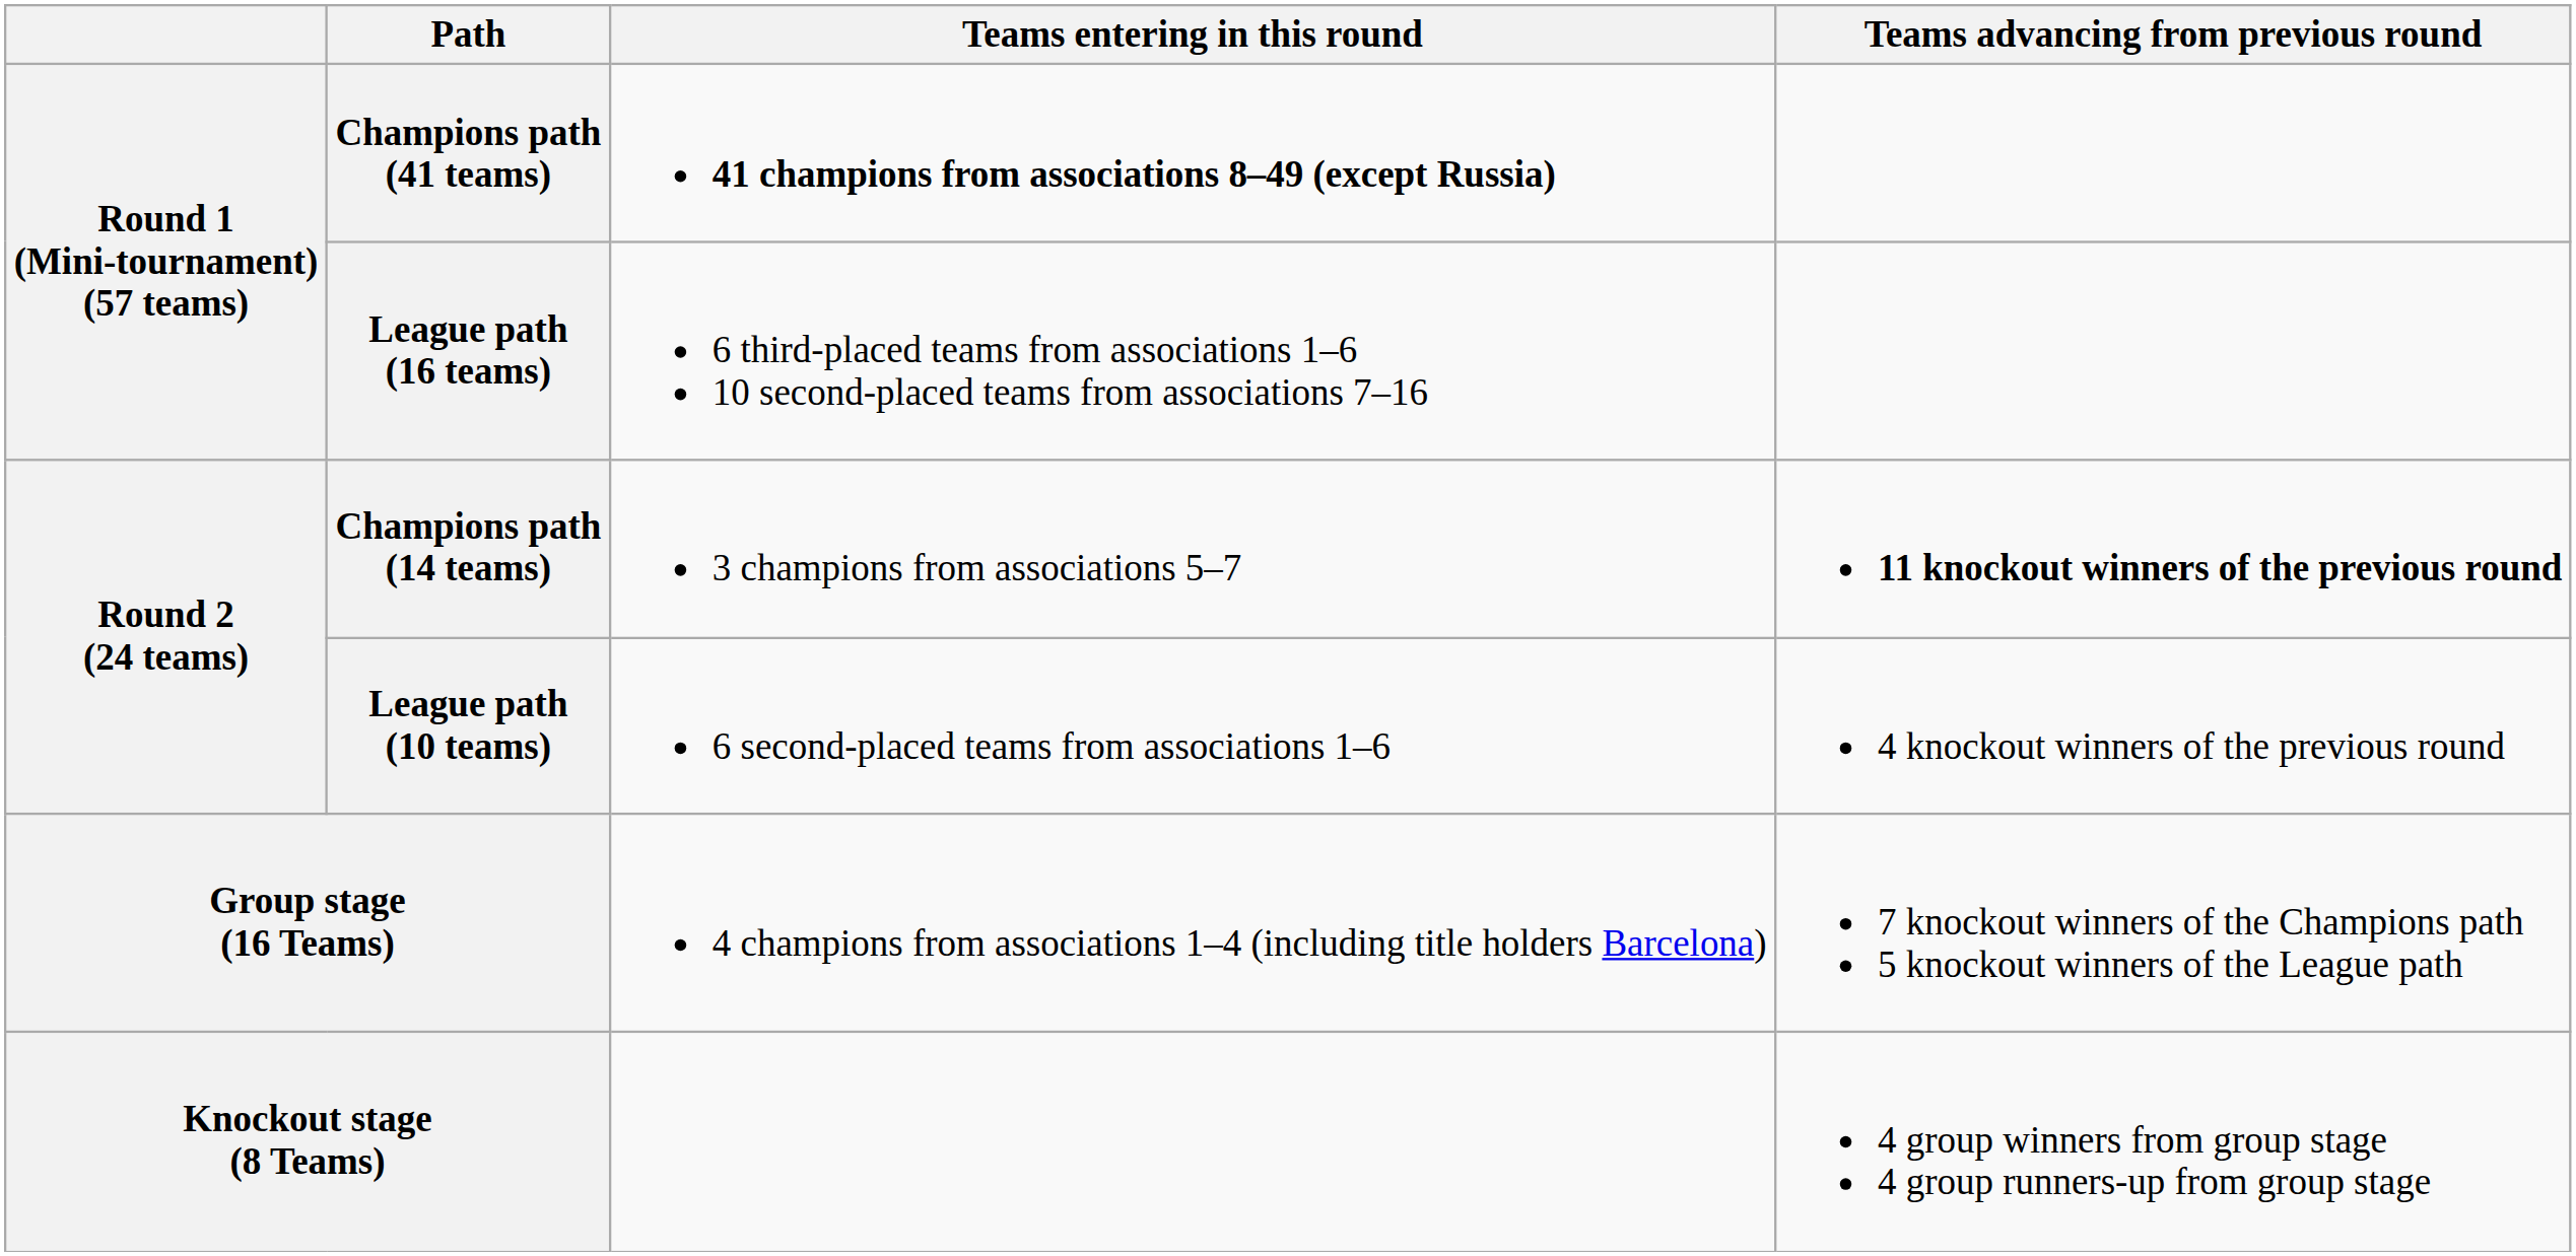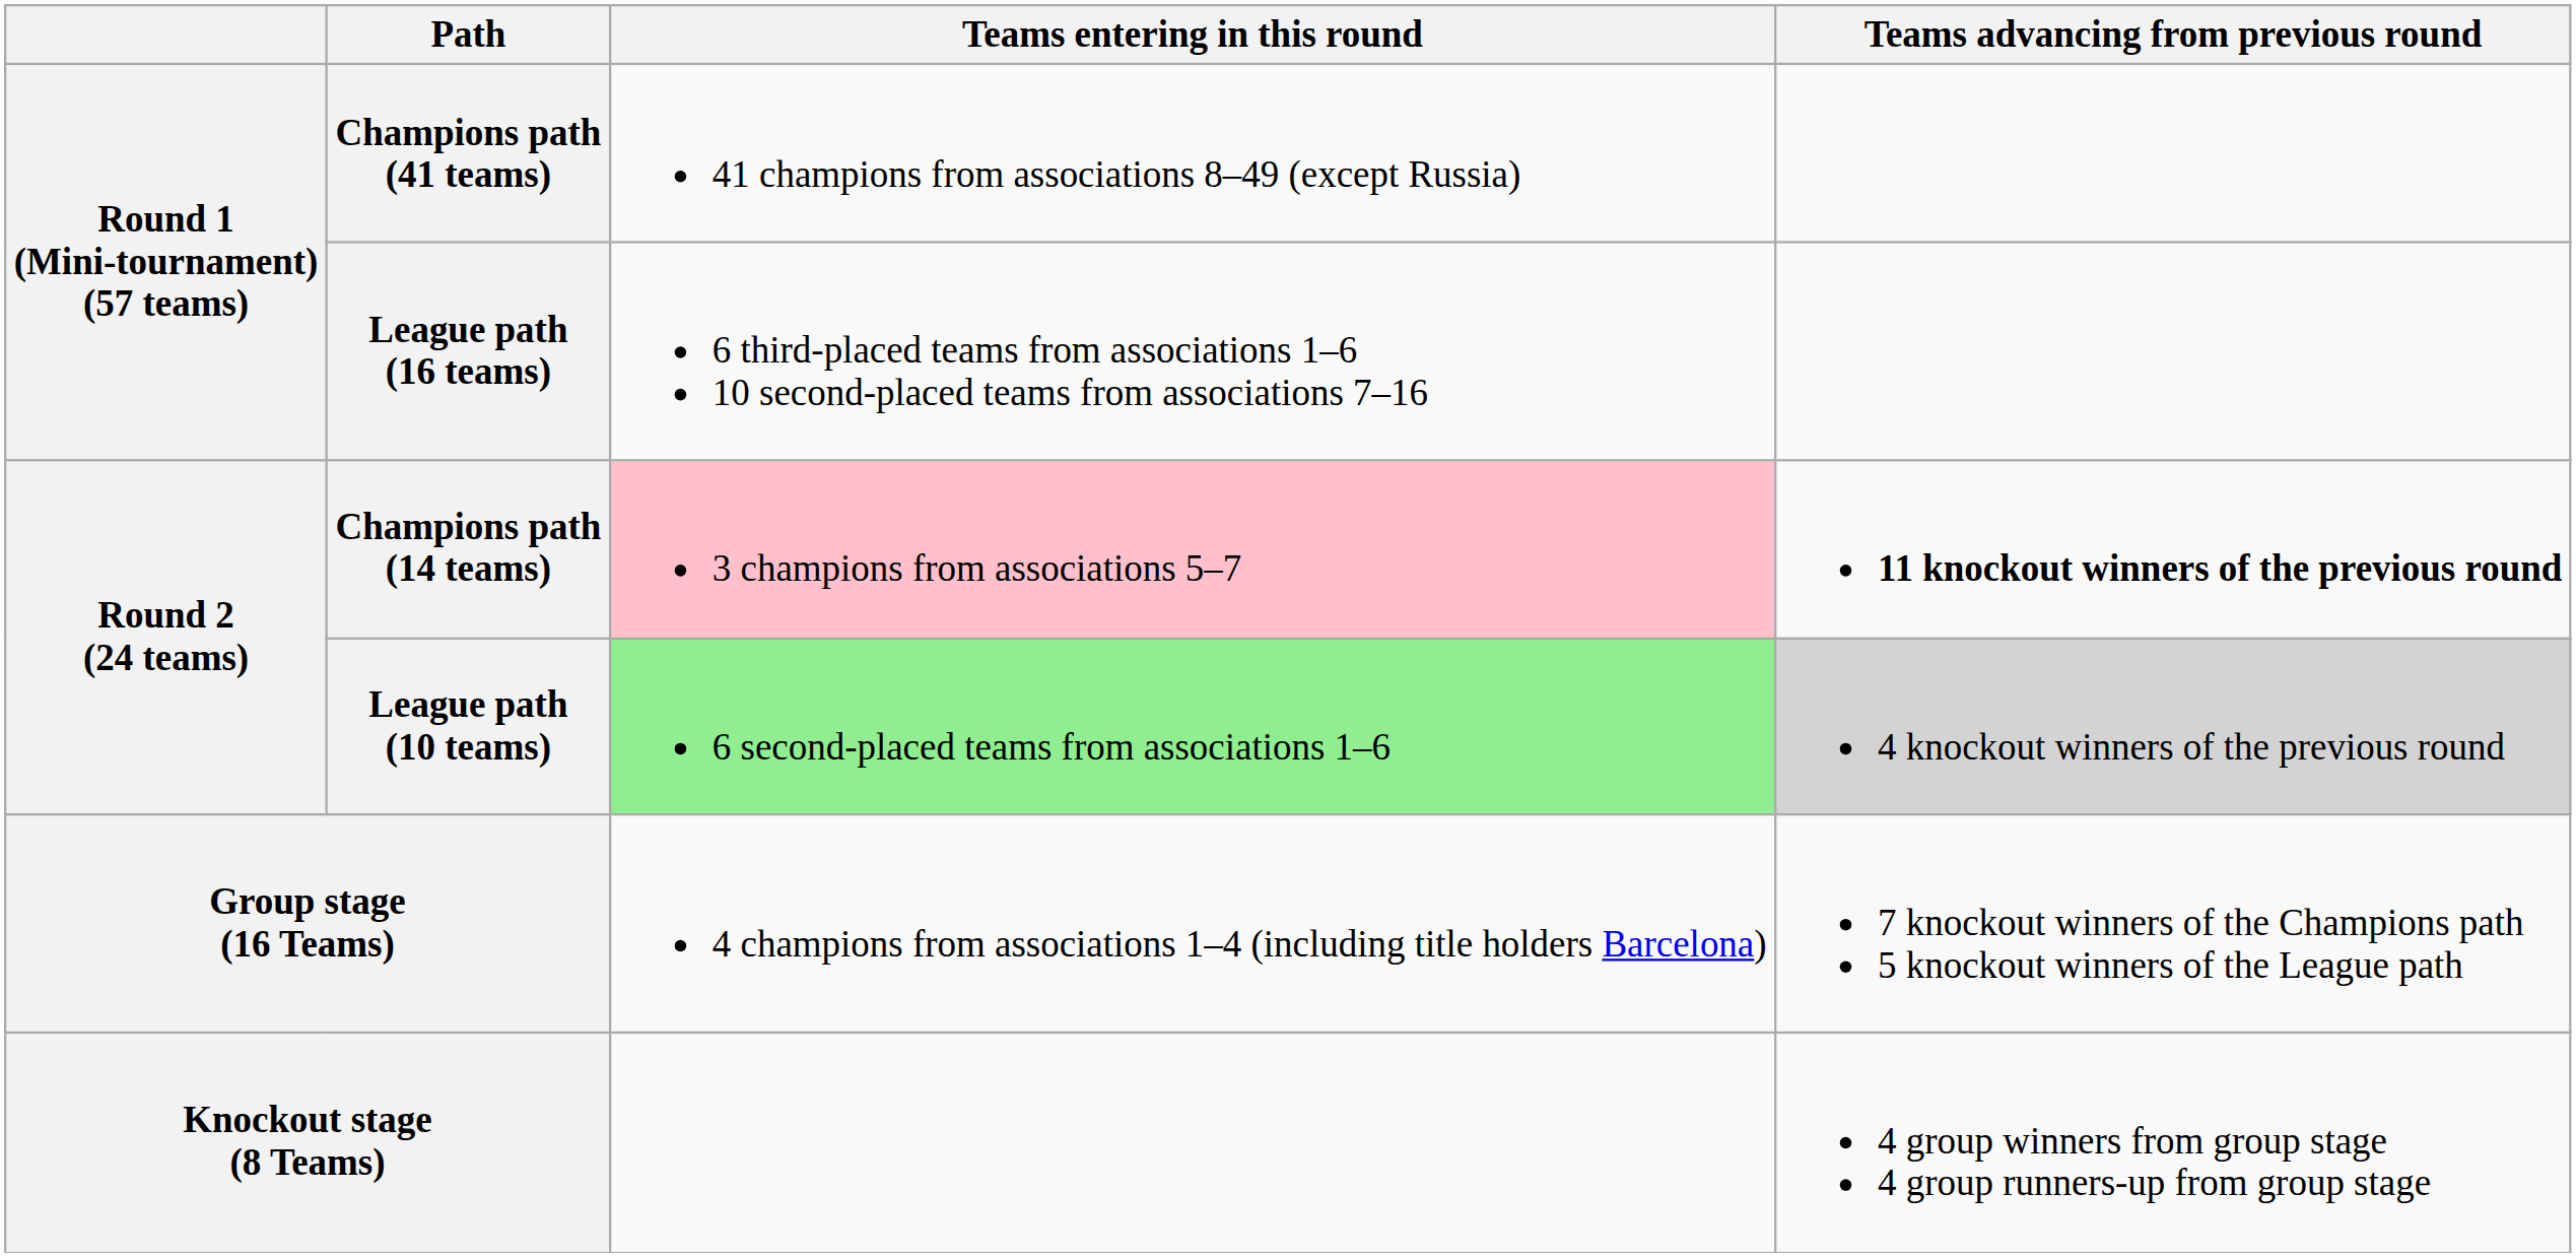 <table class="wikitable">
 <tr>
 <th></th>
 <th>Path</th>
 <th>Teams entering in this round</th>
 <th>Teams advancing from previous round</th>
 </tr>
 <tr>
 <th rowspan="2">Round 1<br>(Mini-tournament)<br>(57 teams)</th>
 <th>Champions path<br>(41 teams)</th>
-<td><strong><br><ul><li>41 champions from associations 8–49 (except Russia)</li></ul></strong></td>
+<td><br><ul><li>41 champions from associations 8–49 (except Russia)</li></ul></td>
 <td></td>
 </tr>
 <tr>
 <th>League path<br>(16 teams)</th>
 <td><br><ul><li>6 third-placed teams from associations 1–6</li><li>10 second-placed teams from associations 7–16</li></ul></td>
 <td></td>
 </tr>
 <tr>
 <th rowspan="2">Round 2<br>(24 teams)</th>
 <th>Champions path<br>(14 teams)</th>
-<td><br><ul><li>3 champions from associations 5–7</li></ul></td>
+<td style="background: pink;"><br><ul><li>3 champions from associations 5–7</li></ul></td>
 <td><strong><br><ul><li>11 knockout winners of the previous round</li></ul></strong></td>
 </tr>
 <tr>
 <th>League path<br>(10 teams)</th>
-<td><br><ul><li>6 second-placed teams from associations 1–6</li></ul></td>
-<td><br><ul><li>4 knockout winners of the previous round</li></ul></td>
+<td style="background: lightgreen;"><br><ul><li>6 second-placed teams from associations 1–6</li></ul></td>
+<td style="background: lightgrey;"><br><ul><li>4 knockout winners of the previous round</li></ul></td>
 </tr>
 <tr>
 <th colspan="2">Group stage<br>(16 Teams)</th>
 <td><br><ul><li>4 champions from associations 1–4 (including title holders <a href='#'>Barcelona</a>)</li></ul></td>
 <td><br><ul><li>7 knockout winners of the Champions path</li><li>5 knockout winners of the League path</li></ul></td>
 </tr>
 <tr>
 <th colspan="2">Knockout stage<br>(8 Teams)</th>
 <td></td>
 <td><br><ul><li>4 group winners from group stage</li><li>4 group runners-up from group stage</li></ul></td>
 </tr>
 </table>
